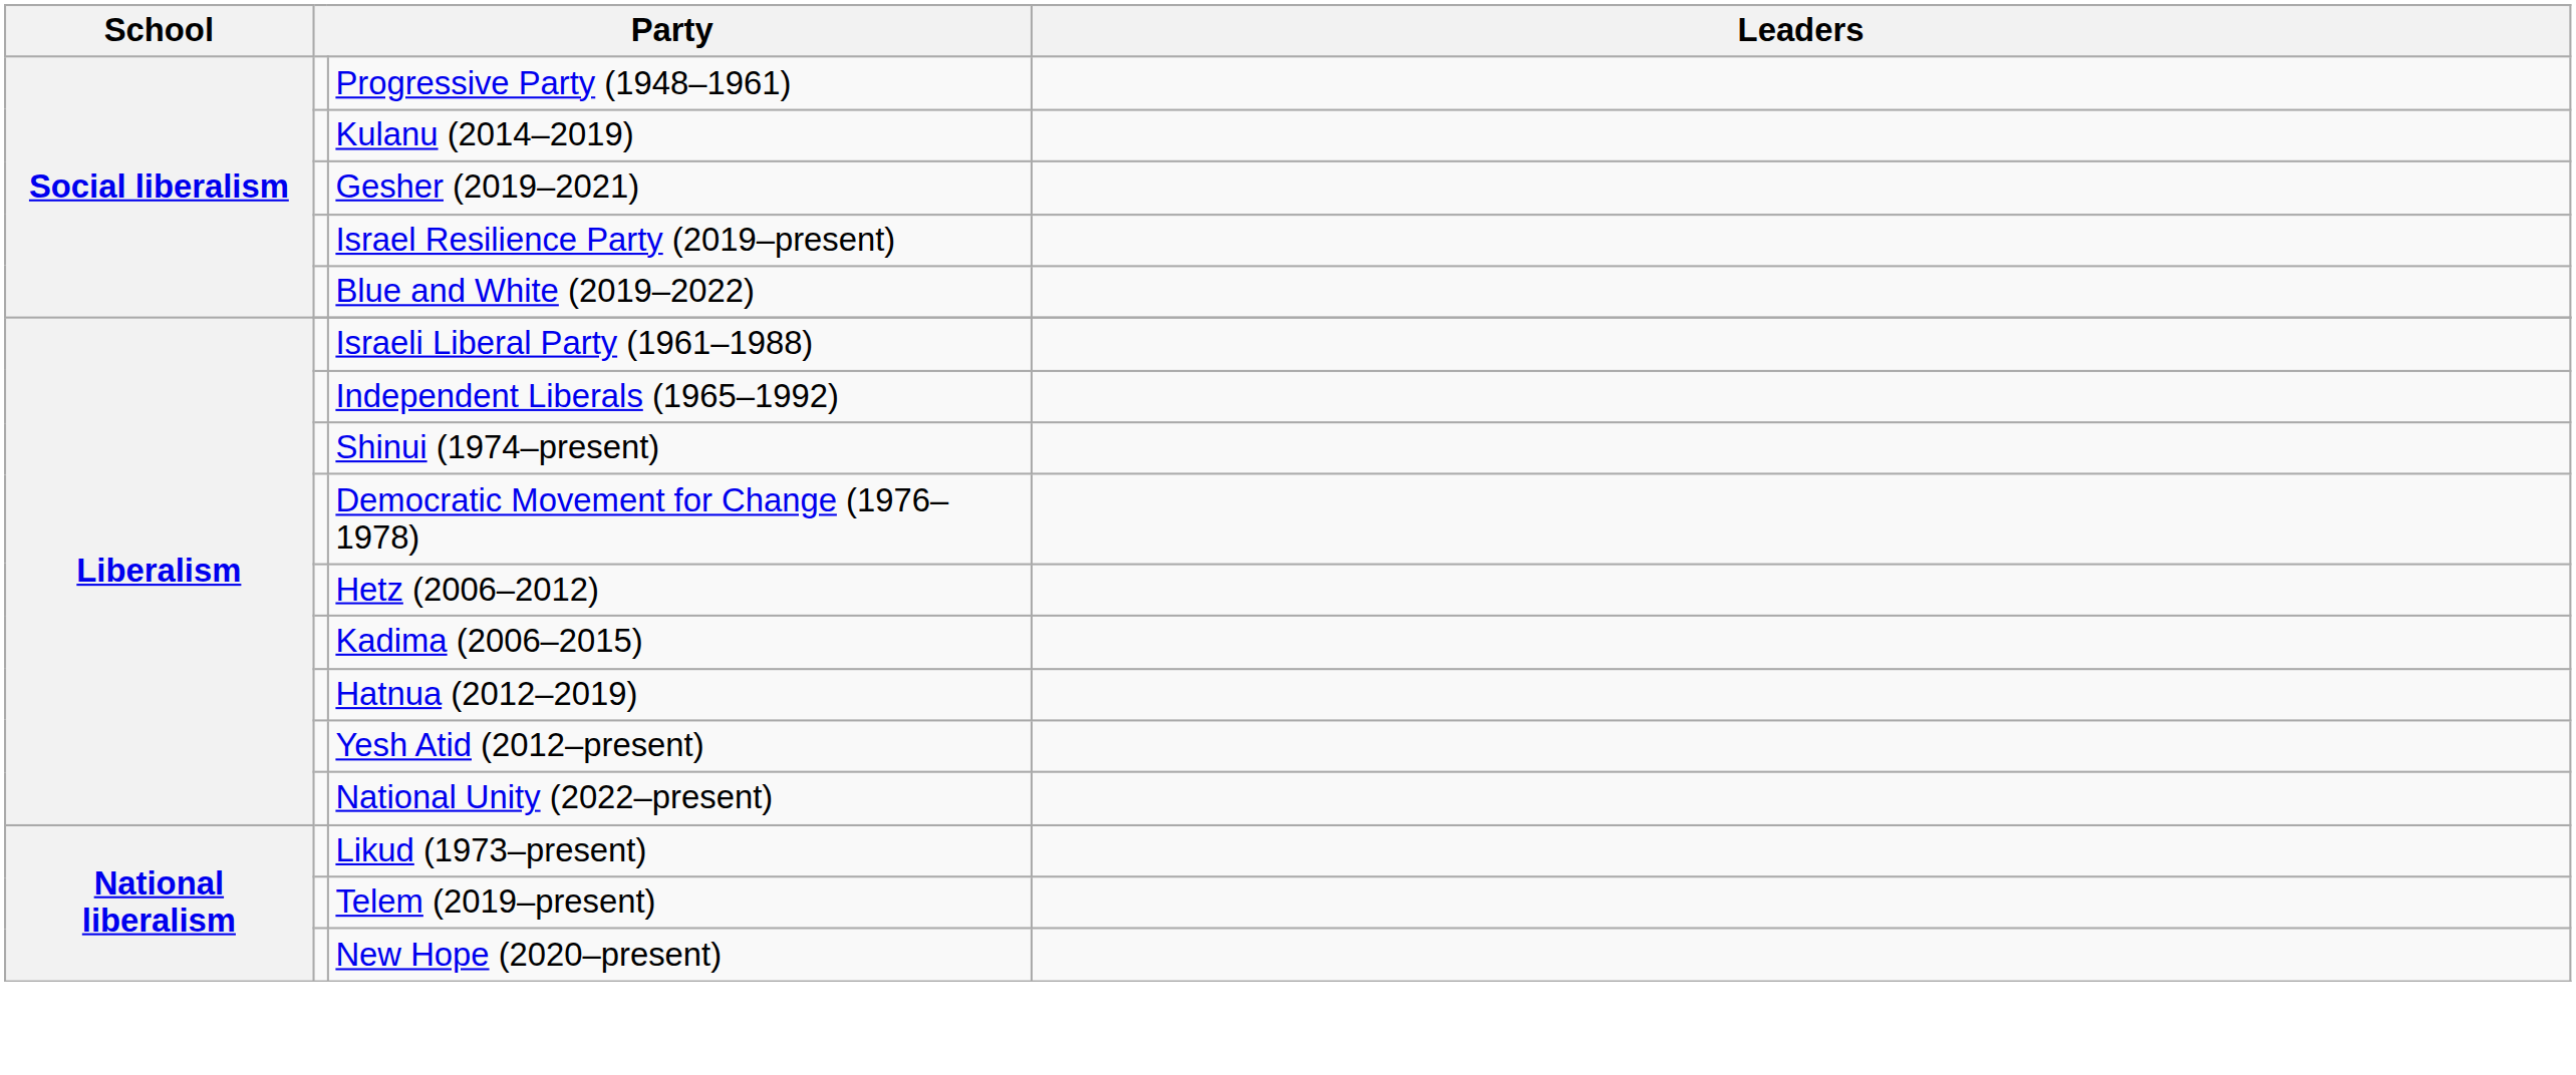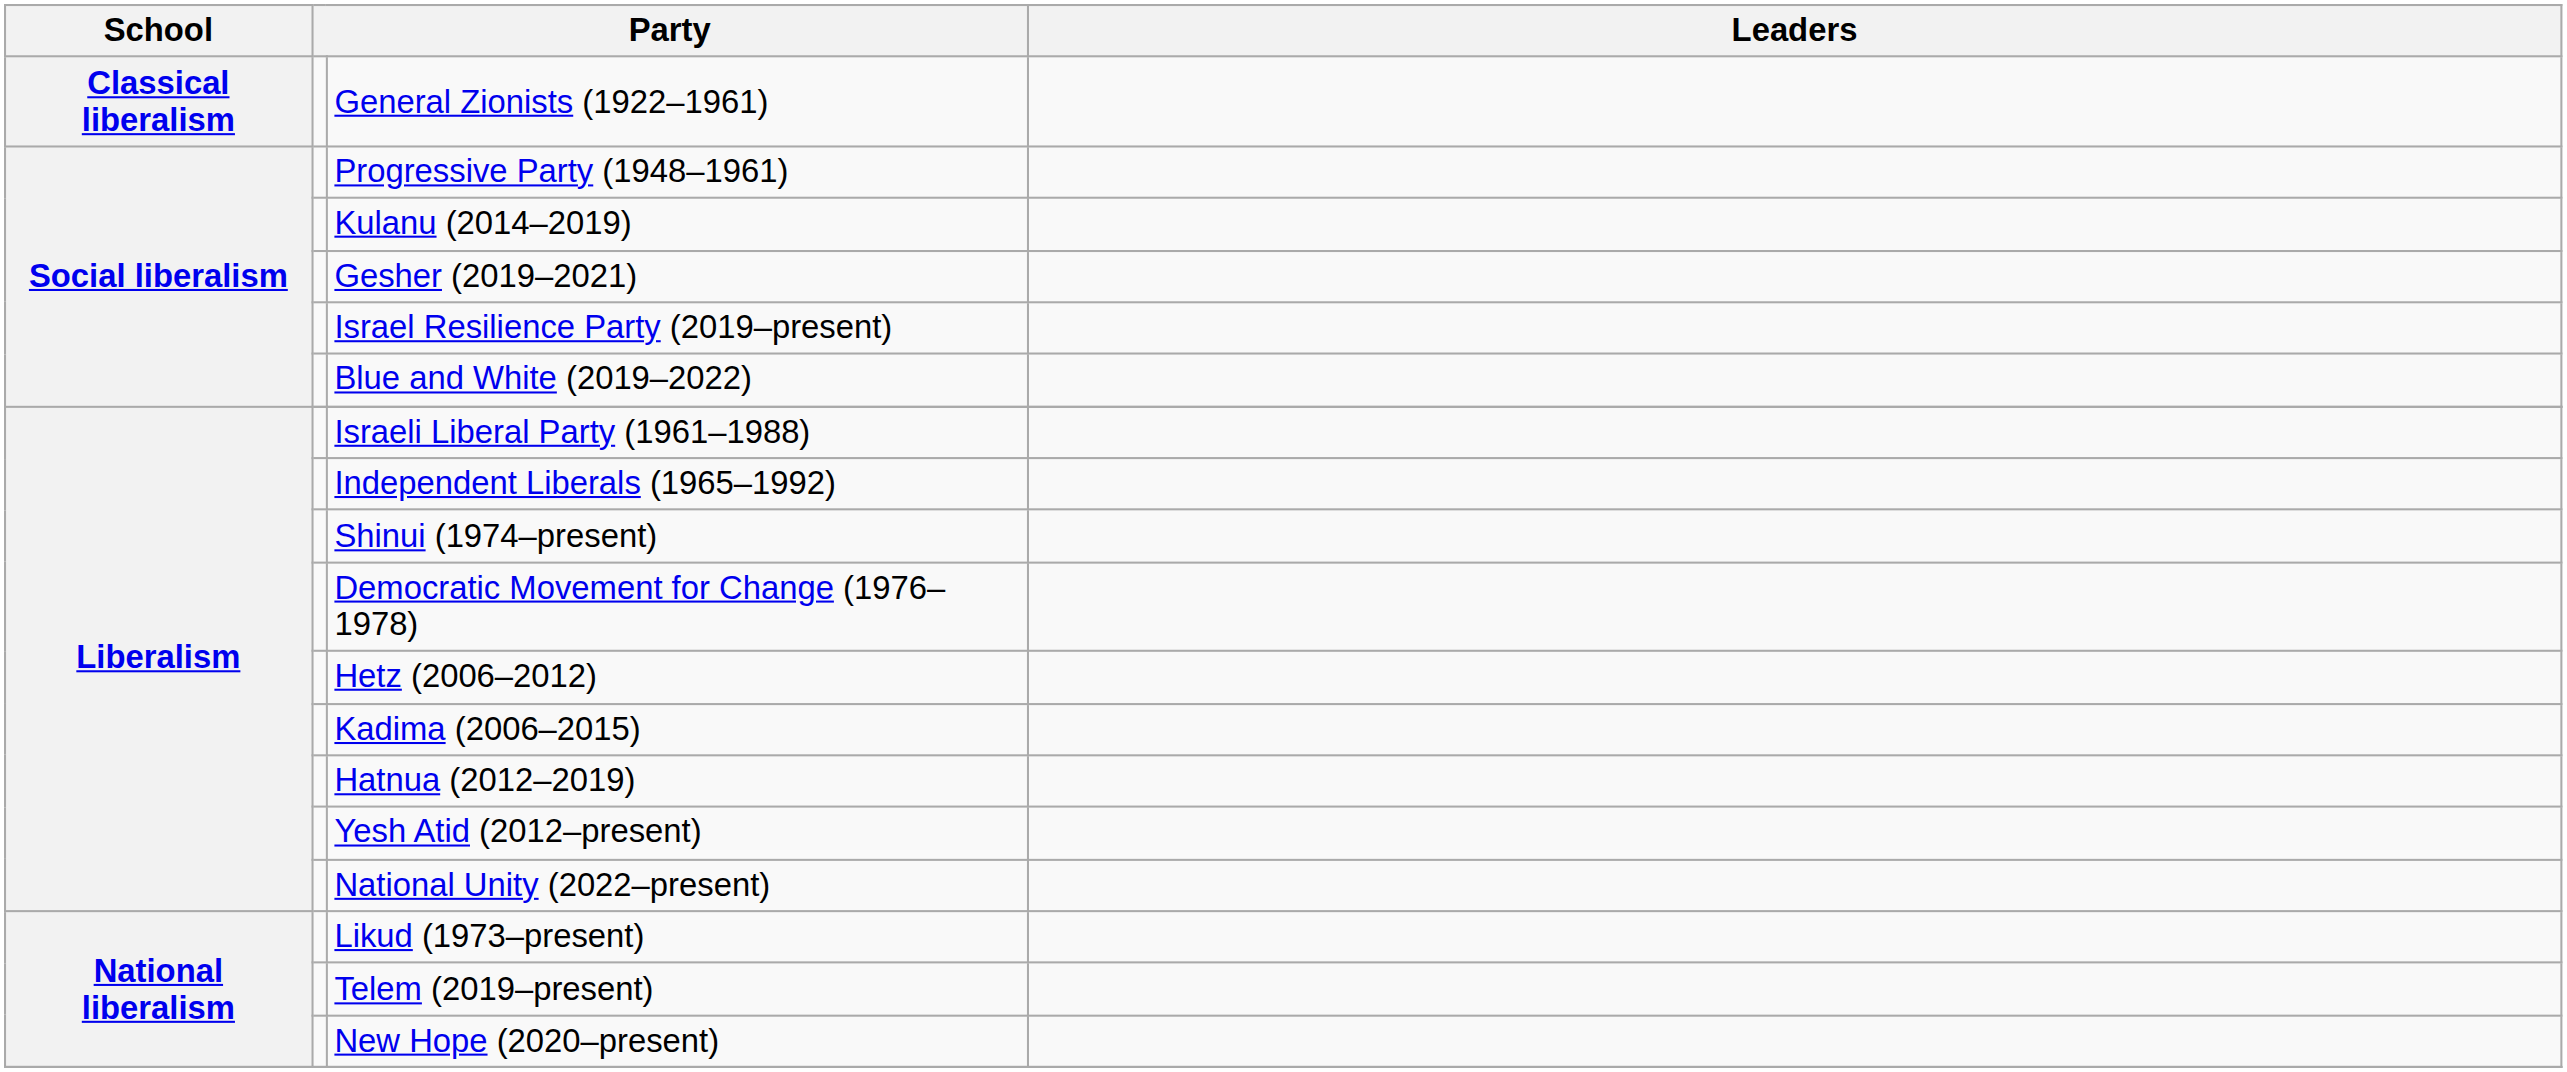 <table class="wikitable plainrowheaders">
 <tr>
 <th width=12%>School</th>
 <th colspan="2" width=28%>Party</th>
 <th width=60%>Leaders</th>
+</tr>
+<tr>
+<th rowspan="1" scope=row><a href='#'>Classical liberalism</a></th>
+<td style="background:"></td>
+<td><a href='#'>General Zionists</a> (1922–1961)</td>
+<td></td>
 </tr>
 <tr>
 <th rowspan="5" scope=row><a href='#'>Social liberalism</a></th>
 <td style="background:"></td>
 <td><a href='#'>Progressive Party</a> (1948–1961)</td>
 <td></td>
 </tr>
 <tr>
 <td style="background:"></td>
 <td><a href='#'>Kulanu</a> (2014–2019)</td>
 <td></td>
 </tr>
 <tr>
 <td style="background:"></td>
 <td><a href='#'>Gesher</a> (2019–2021)</td>
 <td></td>
 </tr>
 <tr>
 <td style="background:"></td>
 <td><a href='#'>Israel Resilience Party</a> (2019–present)</td>
 <td></td>
 </tr>
 <tr>
 <td style="background:"></td>
 <td><a href='#'>Blue and White</a> (2019–2022)</td>
 <td></td>
 </tr>
 <tr>
 <th rowspan="10" scope=row><a href='#'>Liberalism</a></th>
 </tr>
 <tr>
 <td style="background:"></td>
 <td><a href='#'>Israeli Liberal Party</a> (1961–1988)</td>
 <td></td>
 </tr>
 <tr>
 <td style="background:"></td>
 <td><a href='#'>Independent Liberals</a> (1965–1992)</td>
 <td></td>
 </tr>
 <tr>
 <td style="background:"></td>
 <td><a href='#'>Shinui</a> (1974–present)</td>
 <td></td>
 </tr>
 <tr>
 <td style="background:"></td>
 <td><a href='#'>Democratic Movement for Change</a> (1976–1978)</td>
 <td></td>
 </tr>
 <tr>
 <td style="background:"></td>
 <td><a href='#'>Hetz</a> (2006–2012)</td>
 <td></td>
 </tr>
 <tr>
 <td style="background:"></td>
 <td><a href='#'>Kadima</a> (2006–2015)</td>
 <td></td>
 </tr>
 <tr>
 <td style="background:"></td>
 <td><a href='#'>Hatnua</a> (2012–2019)</td>
 <td></td>
 </tr>
 <tr>
 <td style="background:"></td>
 <td><a href='#'>Yesh Atid</a> (2012–present)</td>
 <td></td>
 </tr>
 <tr>
 <td style="background:"></td>
 <td><a href='#'>National Unity</a> (2022–present)</td>
 <td></td>
 </tr>
 <tr>
 <th rowspan="3" scope=row><a href='#'>National liberalism</a></th>
 <td style="background:"></td>
 <td><a href='#'>Likud</a> (1973–present)</td>
 <td></td>
 </tr>
 <tr>
 <td style="background:"></td>
 <td><a href='#'>Telem</a> (2019–present)</td>
 <td></td>
 </tr>
 <tr>
 <td style="background:"></td>
 <td><a href='#'>New Hope</a> (2020–present)</td>
 <td></td>
 </tr>
 <tr>
 </tr>
 </table>
